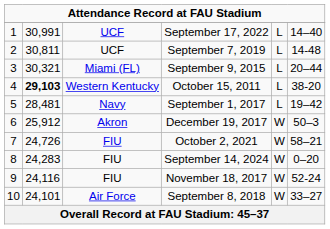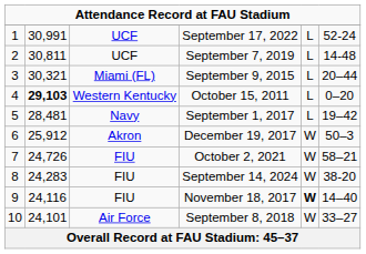 <table class="wikitable"; style= text-align:center>
 <tr>
 <td colspan=6><strong>Attendance Record at FAU Stadium</strong></td>
 </tr>
 <tr>
 </tr>
 <tr>
 <td>1</td>
 <td>30,991</td>
 <td><a href='#'>UCF</a></td>
 <td>September 17, 2022</td>
 <td>L</td>
-<td>14–40</td>
+<td>52-24</td>
 </tr>
 <tr>
 <td>2</td>
 <td>30,811</td>
 <td>UCF</td>
 <td>September 7, 2019</td>
 <td>L</td>
 <td>14-48</td>
 </tr>
 <tr>
 <td>3</td>
 <td>30,321</td>
 <td><a href='#'>Miami (FL)</a></td>
 <td>September 9, 2015</td>
 <td>L</td>
 <td>20–44</td>
 </tr>
 <tr>
 <td>4</td>
 <td><strong>29,103</strong></td>
 <td><a href='#'>Western Kentucky</a></td>
 <td>October 15, 2011</td>
 <td>L</td>
-<td>38-20</td>
+<td>0–20</td>
 </tr>
 <tr>
 <td>5</td>
 <td>28,481</td>
 <td><a href='#'>Navy</a></td>
 <td>September 1, 2017</td>
 <td>L</td>
 <td>19–42</td>
 </tr>
 <tr>
 <td>6</td>
 <td>25,912</td>
 <td><a href='#'>Akron</a></td>
 <td>December 19, 2017</td>
 <td>W</td>
 <td>50–3</td>
 </tr>
 <tr>
 <td>7</td>
 <td>24,726</td>
 <td><a href='#'>FIU</a></td>
 <td>October 2, 2021</td>
 <td>W</td>
 <td>58–21</td>
 </tr>
 <tr>
 <td>8</td>
 <td>24,283</td>
 <td>FIU</td>
 <td>September 14, 2024</td>
 <td>W</td>
-<td>0–20</td>
+<td>38-20</td>
 </tr>
 <tr>
 <td>9</td>
 <td>24,116</td>
 <td>FIU</td>
 <td>November 18, 2017</td>
-<td>W</td>
-<td>52-24</td>
+<td><strong>W</strong></td>
+<td>14–40</td>
 </tr>
 <tr>
 <td>10</td>
 <td>24,101</td>
 <td><a href='#'>Air Force</a></td>
 <td>September 8, 2018</td>
 <td>W</td>
 <td>33–27</td>
 </tr>
 <tr>
 <th colspan=6><strong>Overall Record at FAU Stadium: 45–37</strong></th>
 </tr>
 </table>
